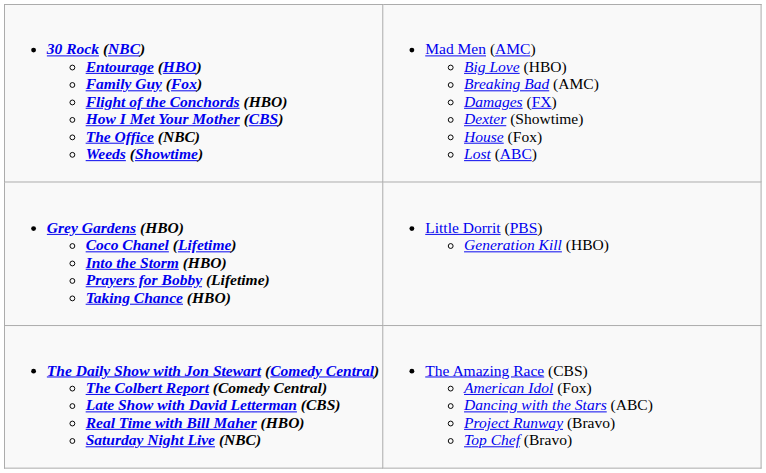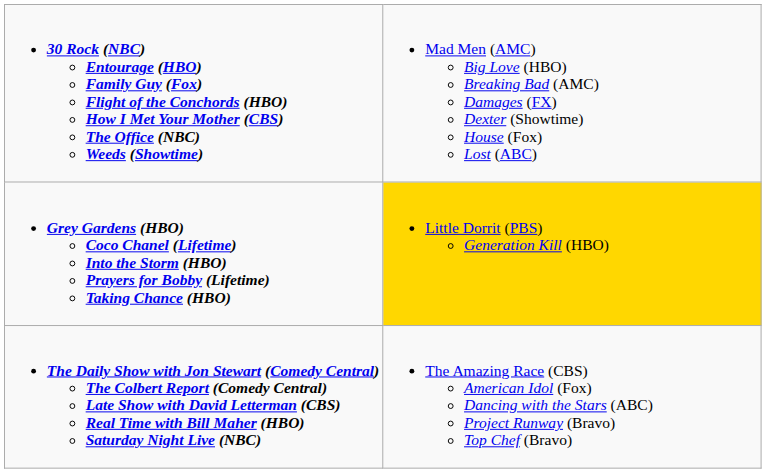 <table class="wikitable">
 <tr>
 <td style="vertical-align:top;" width="50%"><br><ul><li><strong><em><a href='#'>30 Rock</a><em> (<a href='#'>NBC</a>)<strong><ul><li></em><a href='#'>Entourage</a><em> (<a href='#'>HBO</a>)</li><li></em><a href='#'>Family Guy</a><em> (<a href='#'>Fox</a>)</li><li></em><a href='#'>Flight of the Conchords</a><em> (HBO)</li><li></em><a href='#'>How I Met Your Mother</a><em> (<a href='#'>CBS</a>)</li><li></em><a href='#'>The Office</a><em> (NBC)</li><li></em><a href='#'>Weeds</a><em> (<a href='#'>Showtime</a>)</li></ul></li></ul></td>
 <td style="vertical-align:top;" width="50%"><br><ul><li></em></strong><a href='#'>Mad Men</a></em> (<a href='#'>AMC</a>)</strong><ul><li><em><a href='#'>Big Love</a></em> (HBO)</li><li><em><a href='#'>Breaking Bad</a></em> (AMC)</li><li><em><a href='#'>Damages</a></em> (<a href='#'>FX</a>)</li><li><em><a href='#'>Dexter</a></em> (Showtime)</li><li><em><a href='#'>House</a></em> (Fox)</li><li><em><a href='#'>Lost</a></em> (<a href='#'>ABC</a>)</li></ul></li></ul></td>
 </tr>
 <tr>
 <td style="vertical-align:top;" width="50%"><br><ul><li><strong><em><a href='#'>Grey Gardens</a><em> (HBO)<strong><ul><li></em><a href='#'>Coco Chanel</a><em> (<a href='#'>Lifetime</a>)</li><li></em><a href='#'>Into the Storm</a><em> (HBO)</li><li></em><a href='#'>Prayers for Bobby</a><em> (Lifetime)</li><li></em><a href='#'>Taking Chance</a><em> (HBO)</li></ul></li></ul></td>
-<td style="vertical-align:top;" width="50%"><br><ul><li></em></strong><a href='#'>Little Dorrit</a></em> (<a href='#'>PBS</a>)</strong><ul><li><em><a href='#'>Generation Kill</a></em> (HBO)</li></ul></li></ul></td>
+<td style="background: gold; vertical-align:top;" width="50%"><br><ul><li></em></strong><a href='#'>Little Dorrit</a></em> (<a href='#'>PBS</a>)</strong><ul><li><em><a href='#'>Generation Kill</a></em> (HBO)</li></ul></li></ul></td>
 </tr>
 <tr>
 <td style="vertical-align:top;" width="50%"><br><ul><li><strong><em><a href='#'>The Daily Show with Jon Stewart</a><em> (<a href='#'>Comedy Central</a>)<strong><ul><li></em><a href='#'>The Colbert Report</a><em> (Comedy Central)</li><li></em><a href='#'>Late Show with David Letterman</a><em> (CBS)</li><li></em><a href='#'>Real Time with Bill Maher</a><em> (HBO)</li><li></em><a href='#'>Saturday Night Live</a><em> (NBC)</li></ul></li></ul></td>
 <td style="vertical-align:top;" width="50%"><br><ul><li></em></strong><a href='#'>The Amazing Race</a></em> (CBS)</strong><ul><li><em><a href='#'>American Idol</a></em> (Fox)</li><li><em><a href='#'>Dancing with the Stars</a></em> (ABC)</li><li><em><a href='#'>Project Runway</a></em> (Bravo)</li><li><em><a href='#'>Top Chef</a></em> (Bravo)</li></ul></li></ul></td>
 </tr>
 </table>
